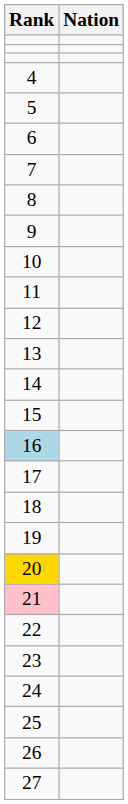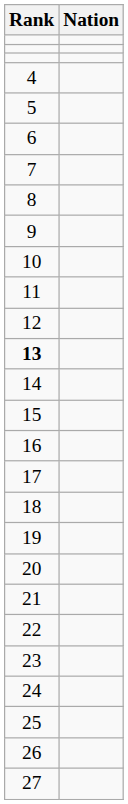 <table class="wikitable sortable" style="text-align:left">
 <tr>
 <th>Rank</th>
 <th>Nation</th>
 </tr>
 <tr>
 <td align="center"></td>
 <td></td>
 </tr>
 <tr>
 <td align="center"></td>
 <td></td>
 </tr>
 <tr>
 <td align="center"></td>
 <td></td>
 </tr>
 <tr>
 <td align="center">4</td>
 <td></td>
 </tr>
 <tr>
 <td align="center">5</td>
 <td></td>
 </tr>
 <tr>
 <td align="center">6</td>
 <td></td>
 </tr>
 <tr>
 <td align="center">7</td>
 <td></td>
 </tr>
 <tr>
 <td align="center">8</td>
 <td></td>
 </tr>
 <tr>
 <td align="center">9</td>
 <td></td>
 </tr>
 <tr>
 <td align="center">10</td>
 <td></td>
 </tr>
 <tr>
 <td align="center">11</td>
 <td></td>
 </tr>
 <tr>
 <td align="center">12</td>
 <td></td>
 </tr>
 <tr>
-<td align="center">13</td>
+<td align="center"><strong>13</strong></td>
 <td></td>
 </tr>
 <tr>
 <td align="center">14</td>
 <td></td>
 </tr>
 <tr>
 <td align="center">15</td>
 <td></td>
 </tr>
 <tr>
-<td align="center" style="background: lightblue;">16</td>
+<td align="center">16</td>
 <td></td>
 </tr>
 <tr>
 <td align="center">17</td>
 <td></td>
 </tr>
 <tr>
 <td align="center">18</td>
 <td></td>
 </tr>
 <tr>
 <td align="center">19</td>
 <td></td>
 </tr>
 <tr>
-<td align="center" style="background: gold;">20</td>
+<td align="center">20</td>
 <td></td>
 </tr>
 <tr>
-<td align="center" style="background: pink;">21</td>
+<td align="center">21</td>
 <td></td>
 </tr>
 <tr>
 <td align="center">22</td>
 <td></td>
 </tr>
 <tr>
 <td align="center">23</td>
 <td></td>
 </tr>
 <tr>
 <td align="center">24</td>
 <td></td>
 </tr>
 <tr>
 <td align="center">25</td>
 <td></td>
 </tr>
 <tr>
 <td align="center">26</td>
 <td></td>
 </tr>
 <tr>
 <td align="center">27</td>
 <td></td>
 </tr>
 </table>
